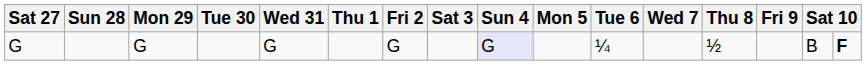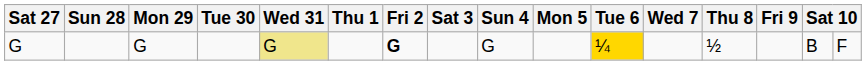 <table class="wikitable olympic-schedule water-polo">
 <tr>
 <th>Sat 27</th>
 <th>Sun 28</th>
 <th>Mon 29</th>
 <th>Tue 30</th>
 <th>Wed 31</th>
 <th>Thu 1</th>
 <th>Fri 2</th>
 <th>Sat 3</th>
 <th>Sun 4</th>
 <th>Mon 5</th>
 <th>Tue 6</th>
 <th>Wed 7</th>
 <th>Thu 8</th>
 <th>Fri 9</th>
 <th colspan="2">Sat 10</th>
 </tr>
 <tr>
 <td class="team-group">G</td>
 <td></td>
 <td class="team-group">G</td>
 <td></td>
-<td class="team-group">G</td>
+<td class="team-group" style="background: khaki;">G</td>
+<td></td>
+<td class="team-group"><strong>G</strong></td>
 <td></td>
 <td class="team-group">G</td>
 <td></td>
-<td class="team-group" style="background: lavender;">G</td>
-<td></td>
-<td class="team-qf">¼</td>
+<td class="team-qf" style="background: gold;">¼</td>
 <td></td>
 <td class="team-sf">½</td>
 <td></td>
 <td class="team-bronze">B</td>
-<td class="team-final"><strong>F</strong></td>
+<td class="team-final">F</td>
 </tr>
 </table>
